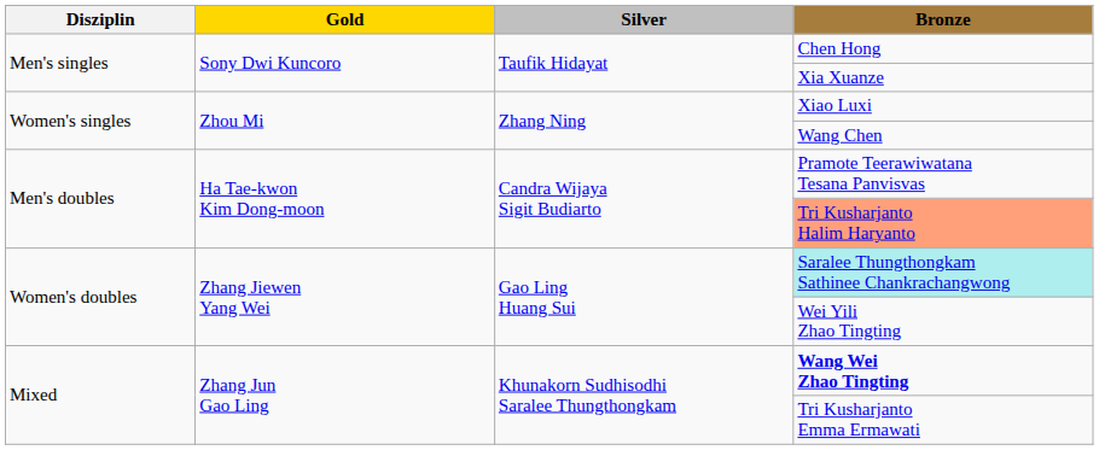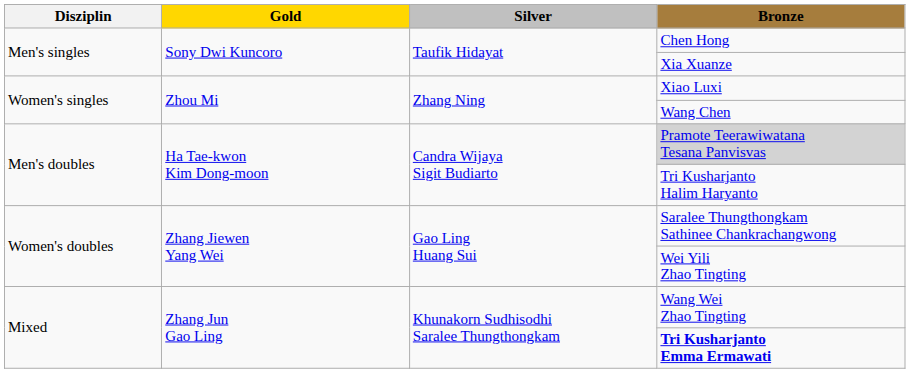 <table class="wikitable">
 <tr>
 <th style="width:10em;">Disziplin</th>
 <th style="background:gold; width:16em;">Gold</th>
 <th style="background:silver; width:16em;">Silver</th>
 <th style="background:#A67D3D; width:16em;">Bronze</th>
 </tr>
 <tr>
 <td rowspan="2">Men's singles</td>
 <td rowspan="2"> <a href='#'>Sony Dwi Kuncoro</a></td>
 <td rowspan="2"> <a href='#'>Taufik Hidayat</a></td>
 <td> <a href='#'>Chen Hong</a></td>
 </tr>
 <tr>
 <td> <a href='#'>Xia Xuanze</a></td>
 </tr>
 <tr>
 <td rowspan="2">Women's singles</td>
 <td rowspan="2"> <a href='#'>Zhou Mi</a></td>
 <td rowspan="2"> <a href='#'>Zhang Ning</a></td>
 <td> <a href='#'>Xiao Luxi</a></td>
 </tr>
 <tr>
 <td> <a href='#'>Wang Chen</a></td>
 </tr>
 <tr>
 <td rowspan="2">Men's doubles</td>
 <td rowspan="2"> <a href='#'>Ha Tae-kwon</a><br>  <a href='#'>Kim Dong-moon</a></td>
 <td rowspan="2"> <a href='#'>Candra Wijaya</a><br>  <a href='#'>Sigit Budiarto</a></td>
-<td> <a href='#'>Pramote Teerawiwatana</a><br>  <a href='#'>Tesana Panvisvas</a></td>
+<td style="background: lightgrey;"> <a href='#'>Pramote Teerawiwatana</a><br>  <a href='#'>Tesana Panvisvas</a></td>
 </tr>
 <tr>
-<td style="background: lightsalmon;"> <a href='#'>Tri Kusharjanto</a><br>  <a href='#'>Halim Haryanto</a></td>
+<td> <a href='#'>Tri Kusharjanto</a><br>  <a href='#'>Halim Haryanto</a></td>
 </tr>
 <tr>
 <td rowspan="2">Women's doubles</td>
 <td rowspan="2"> <a href='#'>Zhang Jiewen</a><br>  <a href='#'>Yang Wei</a></td>
 <td rowspan="2"> <a href='#'>Gao Ling</a><br>  <a href='#'>Huang Sui</a></td>
-<td style="background: paleturquoise;"> <a href='#'>Saralee Thungthongkam</a><br>  <a href='#'>Sathinee Chankrachangwong</a></td>
+<td> <a href='#'>Saralee Thungthongkam</a><br>  <a href='#'>Sathinee Chankrachangwong</a></td>
 </tr>
 <tr>
 <td> <a href='#'>Wei Yili</a><br>  <a href='#'>Zhao Tingting</a></td>
 </tr>
 <tr>
 <td rowspan="2">Mixed</td>
 <td rowspan="2"> <a href='#'>Zhang Jun</a><br>  <a href='#'>Gao Ling</a></td>
 <td rowspan="2"> <a href='#'>Khunakorn Sudhisodhi</a><br>  <a href='#'>Saralee Thungthongkam</a></td>
-<td><strong> <a href='#'>Wang Wei</a><br>  <a href='#'>Zhao Tingting</a></strong></td>
+<td> <a href='#'>Wang Wei</a><br>  <a href='#'>Zhao Tingting</a></td>
 </tr>
 <tr>
-<td> <a href='#'>Tri Kusharjanto</a><br>  <a href='#'>Emma Ermawati</a></td>
+<td><strong> <a href='#'>Tri Kusharjanto</a><br>  <a href='#'>Emma Ermawati</a></strong></td>
 </tr>
 </table>
